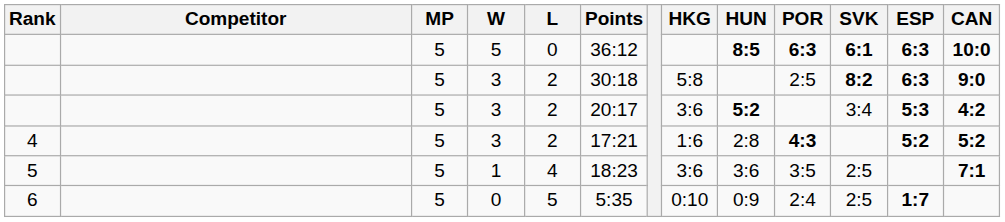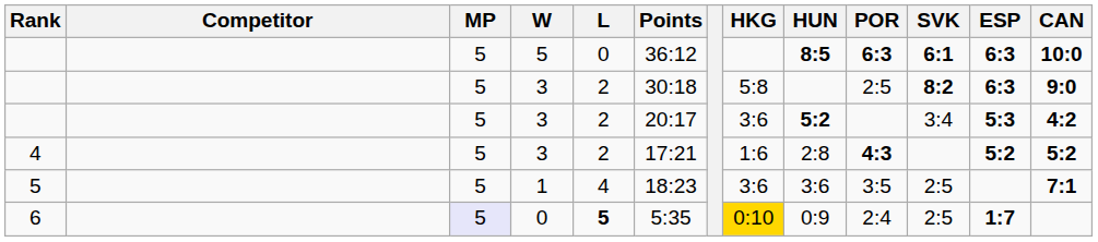 <table class="wikitable" style="text-align:center">
 <tr>
 <th>Rank</th>
 <th style="width:18em">Competitor</th>
 <th style="width:2.5em">MP</th>
 <th style="width:2.5em">W</th>
 <th style="width:2.5em">L</th>
 <th>Points</th>
 <th rowspan="7"> </th>
 <th style="width:2.5em">HKG</th>
 <th style="width:2.5em">HUN</th>
 <th style="width:2.5em">POR</th>
 <th style="width:2.5em">SVK</th>
 <th style="width:2.5em">ESP</th>
 <th style="width:2.5em">CAN</th>
 </tr>
 <tr>
 <td></td>
 <td style="text-align:left"><br></td>
 <td>5</td>
 <td>5</td>
 <td>0</td>
 <td>36:12</td>
 <td></td>
 <td><strong>8:5</strong></td>
 <td><strong>6:3</strong></td>
 <td><strong>6:1</strong></td>
 <td><strong>6:3</strong></td>
 <td><strong>10:0</strong></td>
 </tr>
 <tr>
 <td></td>
 <td style="text-align:left"><br></td>
 <td>5</td>
 <td>3</td>
 <td>2</td>
 <td>30:18</td>
 <td>5:8</td>
 <td></td>
 <td>2:5</td>
 <td><strong>8:2</strong></td>
 <td><strong>6:3</strong></td>
 <td><strong>9:0</strong></td>
 </tr>
 <tr>
 <td></td>
 <td style="text-align:left"><br></td>
 <td>5</td>
 <td>3</td>
 <td>2</td>
 <td>20:17</td>
 <td>3:6</td>
 <td><strong>5:2</strong></td>
 <td></td>
 <td>3:4</td>
 <td><strong>5:3</strong></td>
 <td><strong>4:2</strong></td>
 </tr>
 <tr>
 <td>4</td>
 <td style="text-align:left"><br></td>
 <td>5</td>
 <td>3</td>
 <td>2</td>
 <td>17:21</td>
 <td>1:6</td>
 <td>2:8</td>
 <td><strong>4:3</strong></td>
 <td></td>
 <td><strong>5:2</strong></td>
 <td><strong>5:2</strong></td>
 </tr>
 <tr>
 <td>5</td>
 <td style="text-align:left"><br></td>
 <td>5</td>
 <td>1</td>
 <td>4</td>
 <td>18:23</td>
 <td>3:6</td>
 <td>3:6</td>
 <td>3:5</td>
 <td>2:5</td>
 <td></td>
 <td><strong>7:1</strong></td>
 </tr>
 <tr>
 <td>6</td>
 <td style="text-align:left"><br></td>
-<td>5</td>
+<td style="background: lavender;">5</td>
 <td>0</td>
-<td>5</td>
+<td><strong>5</strong></td>
 <td>5:35</td>
-<td>0:10</td>
+<td style="background: gold;">0:10</td>
 <td>0:9</td>
 <td>2:4</td>
 <td>2:5</td>
 <td><strong>1:7</strong></td>
 <td></td>
 </tr>
 </table>
